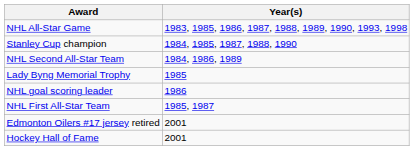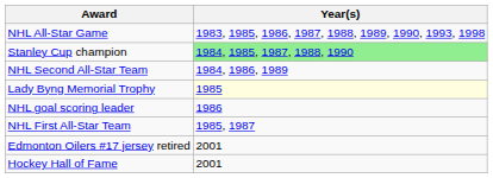 <table class="wikitable">
 <tr>
 <th>Award</th>
 <th>Year(s)</th>
 </tr>
 <tr>
 <td><a href='#'>NHL All-Star Game</a></td>
 <td><a href='#'>1983</a>, <a href='#'>1985</a>, <a href='#'>1986</a>, <a href='#'>1987</a>, <a href='#'>1988</a>, <a href='#'>1989</a>, <a href='#'>1990</a>, <a href='#'>1993</a>, <a href='#'>1998</a></td>
 </tr>
 <tr>
 <td><a href='#'>Stanley Cup</a> champion</td>
-<td><a href='#'>1984</a>, <a href='#'>1985</a>, <a href='#'>1987</a>, <a href='#'>1988</a>, <a href='#'>1990</a></td>
+<td style="background: lightgreen;"><a href='#'>1984</a>, <a href='#'>1985</a>, <a href='#'>1987</a>, <a href='#'>1988</a>, <a href='#'>1990</a></td>
 </tr>
 <tr>
 <td><a href='#'>NHL Second All-Star Team</a></td>
 <td><a href='#'>1984</a>, <a href='#'>1986</a>, <a href='#'>1989</a></td>
 </tr>
 <tr>
 <td><a href='#'>Lady Byng Memorial Trophy</a></td>
-<td><a href='#'>1985</a></td>
+<td style="background: lightyellow;"><a href='#'>1985</a></td>
 </tr>
 <tr>
 <td><a href='#'>NHL goal scoring leader</a></td>
 <td><a href='#'>1986</a></td>
 </tr>
 <tr>
 <td><a href='#'>NHL First All-Star Team</a></td>
 <td><a href='#'>1985</a>, <a href='#'>1987</a></td>
 </tr>
 <tr>
 <td><a href='#'>Edmonton Oilers #17 jersey</a> retired</td>
 <td>2001</td>
 </tr>
 <tr>
 <td><a href='#'>Hockey Hall of Fame</a></td>
 <td>2001</td>
 </tr>
 </table>
